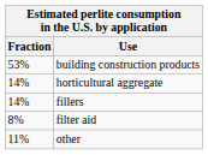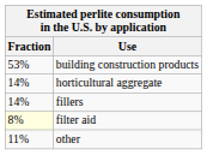 <table class="wikitable">
 <tr>
 <th colspan=2>Estimated perlite consumption <br>in the U.S. by application</th>
 </tr>
 <tr>
 <th>Fraction</th>
 <th>Use</th>
 </tr>
 <tr>
 <td>53%</td>
 <td>building construction products</td>
 </tr>
 <tr>
 <td>14%</td>
 <td>horticultural aggregate</td>
 </tr>
 <tr>
 <td>14%</td>
 <td>fillers</td>
 </tr>
 <tr>
-<td>8%</td>
+<td style="background: lightyellow;">8%</td>
 <td>filter aid</td>
 </tr>
 <tr>
 <td>11%</td>
 <td>other</td>
 </tr>
 </table>
